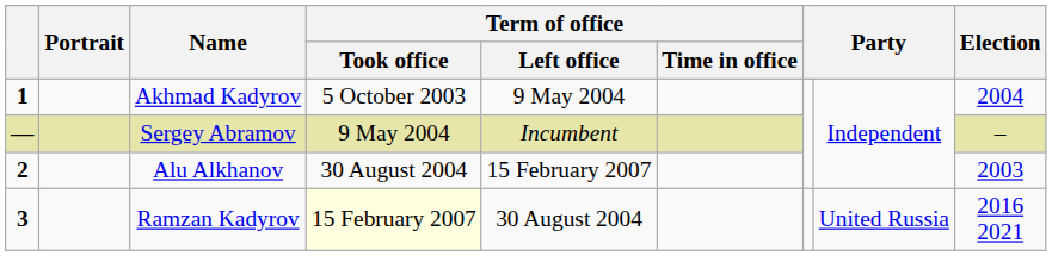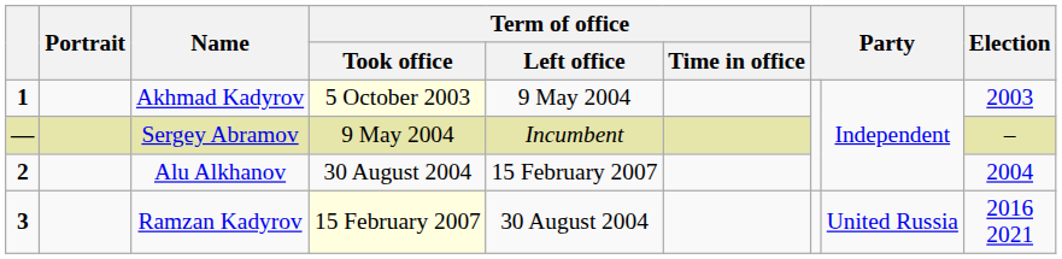 <table class="wikitable" style="text-align:center">
 <tr>
 <th rowspan=2></th>
 <th rowspan=2>Portrait</th>
 <th rowspan=2>Name<br></th>
 <th colspan=3>Term of office</th>
 <th colspan=2 rowspan=2>Party</th>
 <th rowspan=2>Election</th>
 </tr>
 <tr>
 <th>Took office</th>
 <th>Left office</th>
 <th>Time in office</th>
 </tr>
 <tr>
 <td><strong>1</strong></td>
 <td></td>
 <td><a href='#'>Akhmad Kadyrov</a><br></td>
-<td>5 October 2003</td>
+<td style="background: lightyellow;">5 October 2003</td>
 <td>9 May 2004<br></td>
 <td></td>
 <td rowspan=3 style="background:"></td>
 <td rowspan=3><a href='#'>Independent</a></td>
-<td><a href='#'>2004</a></td>
+<td><a href='#'>2003</a></td>
 </tr>
 <tr style="background:#e6e6aa;">
 <td><strong>—</strong></td>
 <td></td>
 <td><a href='#'>Sergey Abramov</a><br></td>
 <td>9 May 2004</td>
 <td><em>Incumbent</em></td>
 <td></td>
 <td>–</td>
 </tr>
 <tr>
 <td><strong>2</strong></td>
 <td></td>
 <td><a href='#'>Alu Alkhanov</a><br></td>
 <td>30 August 2004</td>
 <td>15 February 2007</td>
 <td></td>
-<td><a href='#'>2003</a></td>
+<td><a href='#'>2004</a></td>
 </tr>
 <tr>
 <td><strong>3</strong></td>
 <td></td>
 <td><a href='#'>Ramzan Kadyrov</a><br></td>
 <td style="background: lightyellow;">15 February 2007</td>
 <td>30 August 2004</td>
 <td></td>
 <td style="background:"></td>
 <td><a href='#'>United Russia</a></td>
 <td><a href='#'>2016</a><br><a href='#'>2021</a></td>
 </tr>
 </table>
